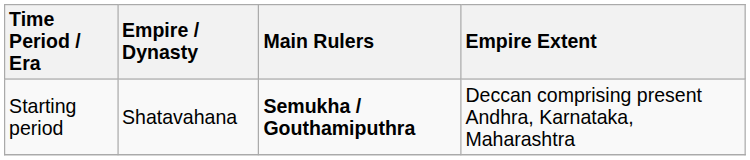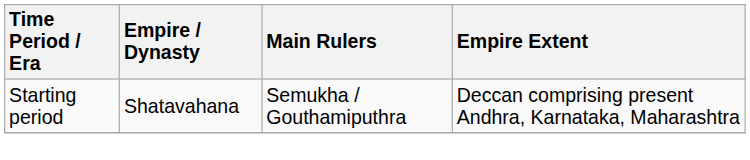 <table class="wikitable">
 <tr>
 <th style="text-align: left;">Time Period / Era</th>
 <th style="text-align: left;">Empire / Dynasty</th>
 <th style="text-align: left;">Main Rulers</th>
 <th style="text-align: left;">Empire Extent</th>
 </tr>
 <tr>
 <td>Starting period</td>
 <td>Shatavahana</td>
-<td><strong>Semukha / Gouthamiputhra</strong></td>
+<td>Semukha / Gouthamiputhra</td>
 <td>Deccan comprising present Andhra, Karnataka, Maharashtra</td>
 </tr>
 <tr>
 </tr>
 </table>
